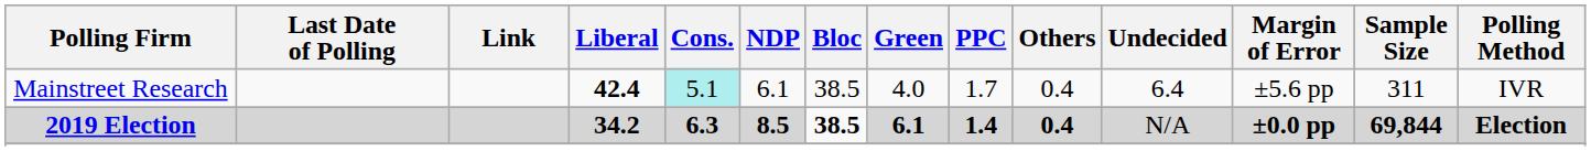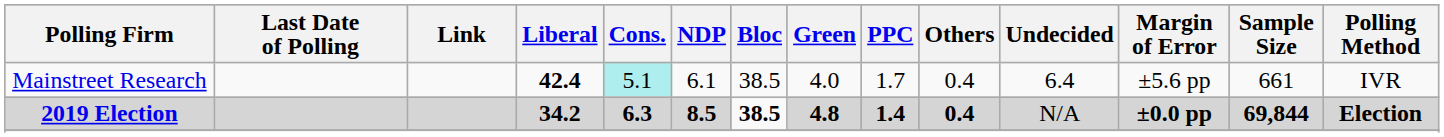 <table class="wikitable sortable" style="text-align:center;font-size:90%;line-height:14px;">
 <tr style="background:#e9e9e9;">
 <th style="width:120px">Polling Firm</th>
 <th style="width:110px">Last Date<br>of Polling</th>
 <th style="width:60px" class="unsortable">Link</th>
 <th style="background-color:"><a href='#'>Liberal</a></th>
 <th style="background-color:"><a href='#'>Cons.</a></th>
 <th style="background-color:"><a href='#'>NDP</a></th>
 <th style="background-color:"><a href='#'>Bloc</a></th>
 <th style="background-color:"><a href='#'>Green</a></th>
 <th style="background-color:"><a href='#'><span>PPC</span></a></th>
 <th style="background-color:">Others</th>
 <th style="background-color:">Undecided</th>
 <th style="width:60px;" class=unsortable>Margin<br>of Error</th>
 <th style="width:50px;" class=unsortable>Sample<br>Size</th>
 <th class=unsortable>Polling Method</th>
 </tr>
 <tr>
 <td><a href='#'>Mainstreet Research</a></td>
 <td></td>
 <td></td>
 <td><strong>42.4</strong></td>
 <td style="background: paleturquoise;">5.1</td>
 <td>6.1</td>
 <td>38.5</td>
 <td>4.0</td>
 <td>1.7</td>
 <td>0.4</td>
 <td>6.4</td>
 <td>±5.6 pp</td>
-<td>311</td>
+<td>661</td>
 <td>IVR</td>
 </tr>
 <tr>
 <td style="background:#D5D5D5"><strong><a href='#'>2019 Election</a></strong></td>
 <td style="background:#D5D5D5"><strong></strong></td>
 <td style="background:#D5D5D5"></td>
 <td style="background:#D5D5D5"><strong>34.2</strong></td>
 <td style="background:#D5D5D5"><strong>6.3</strong></td>
 <td style="background:#D5D5D5"><strong>8.5</strong></td>
 <td style="background-color:"><strong>38.5</strong></td>
-<td style="background:#D5D5D5"><strong>6.1</strong></td>
+<td style="background:#D5D5D5"><strong>4.8</strong></td>
 <td style="background:#D5D5D5"><strong>1.4</strong></td>
 <td style="background:#D5D5D5"><strong>0.4</strong></td>
 <td style="background:#D5D5D5">N/A</td>
 <td style="background:#D5D5D5"><strong>±0.0 pp</strong></td>
 <td style="background:#D5D5D5"><strong>69,844</strong></td>
 <td style="background:#D5D5D5"><strong>Election</strong></td>
 </tr>
 <tr>
 </tr>
 <tr>
 </tr>
 </table>
